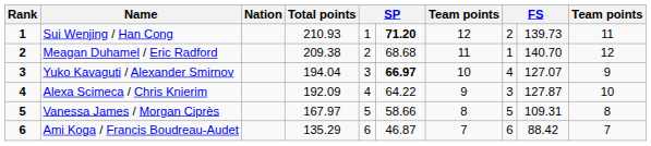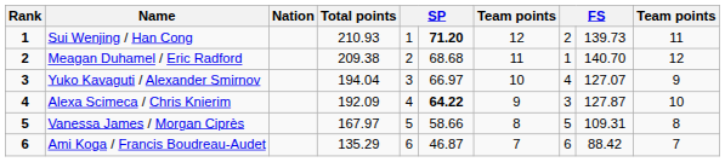 <table class="wikitable sortable">
 <tr>
 <th>Rank</th>
 <th>Name</th>
 <th>Nation</th>
 <th>Total points</th>
 <th colspan="2" width="80px"><a href='#'>SP</a></th>
 <th>Team points</th>
 <th colspan="2" width="80px"><a href='#'>FS</a></th>
 <th>Team points</th>
 </tr>
 <tr>
 <td style="text-align: center;"><strong>1</strong></td>
 <td><a href='#'>Sui Wenjing</a> / <a href='#'>Han Cong</a></td>
 <td></td>
 <td style="text-align: center;">210.93</td>
 <td style="text-align: center;">1</td>
 <td style="text-align: center;"><strong>71.20</strong></td>
 <td style="text-align: center;">12</td>
 <td style="text-align: center;">2</td>
 <td style="text-align: center;">139.73</td>
 <td style="text-align: center;">11</td>
 </tr>
 <tr>
 <td style="text-align: center;"><strong>2</strong></td>
 <td><a href='#'>Meagan Duhamel</a> / <a href='#'>Eric Radford</a></td>
 <td></td>
 <td style="text-align: center;">209.38</td>
 <td style="text-align: center;">2</td>
 <td style="text-align: center;">68.68</td>
 <td style="text-align: center;">11</td>
 <td style="text-align: center;">1</td>
 <td style="text-align: center;">140.70</td>
 <td style="text-align: center;">12</td>
 </tr>
 <tr>
 <td style="text-align: center;"><strong>3</strong></td>
 <td><a href='#'>Yuko Kavaguti</a> / <a href='#'>Alexander Smirnov</a></td>
 <td></td>
 <td style="text-align: center;">194.04</td>
 <td style="text-align: center;">3</td>
-<td style="text-align: center;"><strong>66.97</strong></td>
+<td style="text-align: center;">66.97</td>
 <td style="text-align: center;">10</td>
 <td style="text-align: center;">4</td>
 <td style="text-align: center;">127.07</td>
 <td style="text-align: center;">9</td>
 </tr>
 <tr>
 <td style="text-align: center;"><strong>4</strong></td>
 <td><a href='#'>Alexa Scimeca</a> / <a href='#'>Chris Knierim</a></td>
 <td></td>
 <td style="text-align: center;">192.09</td>
 <td style="text-align: center;">4</td>
-<td style="text-align: center;">64.22</td>
+<td style="text-align: center;"><strong>64.22</strong></td>
 <td style="text-align: center;">9</td>
 <td style="text-align: center;">3</td>
 <td style="text-align: center;">127.87</td>
 <td style="text-align: center;">10</td>
 </tr>
 <tr>
 <td style="text-align: center;"><strong>5</strong></td>
 <td><a href='#'>Vanessa James</a> / <a href='#'>Morgan Ciprès</a></td>
 <td></td>
 <td style="text-align: center;">167.97</td>
 <td style="text-align: center;">5</td>
 <td style="text-align: center;">58.66</td>
 <td style="text-align: center;">8</td>
 <td style="text-align: center;">5</td>
 <td style="text-align: center;">109.31</td>
 <td style="text-align: center;">8</td>
 </tr>
 <tr>
 <td style="text-align: center;"><strong>6</strong></td>
 <td><a href='#'>Ami Koga</a> / <a href='#'>Francis Boudreau-Audet</a></td>
 <td></td>
 <td style="text-align: center;">135.29</td>
 <td style="text-align: center;">6</td>
 <td style="text-align: center;">46.87</td>
 <td style="text-align: center;">7</td>
 <td style="text-align: center;">6</td>
 <td style="text-align: center;">88.42</td>
 <td style="text-align: center;">7</td>
 </tr>
 </table>
